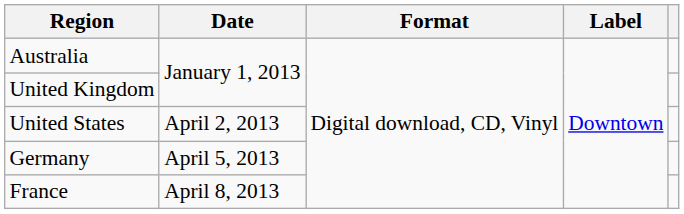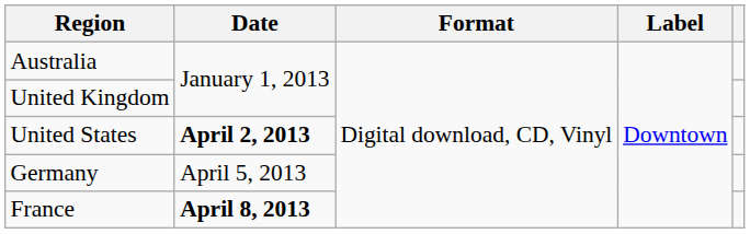 <table class="wikitable">
 <tr>
 <th scope="col">Region</th>
 <th scope="col">Date</th>
 <th scope="col">Format</th>
 <th scope="col">Label</th>
 <th scope="col"></th>
 </tr>
 <tr>
 <td>Australia</td>
 <td rowspan="2">January 1, 2013</td>
 <td rowspan="5">Digital download, CD, Vinyl</td>
 <td rowspan="5"><a href='#'>Downtown</a></td>
 <td></td>
 </tr>
 <tr>
 <td>United Kingdom</td>
 <td></td>
 </tr>
 <tr>
 <td>United States</td>
-<td>April 2, 2013</td>
+<td><strong>April 2, 2013</strong></td>
 <td></td>
 </tr>
 <tr>
 <td>Germany</td>
 <td>April 5, 2013</td>
 <td></td>
 </tr>
 <tr>
 <td>France</td>
-<td>April 8, 2013</td>
+<td><strong>April 8, 2013</strong></td>
 <td></td>
 </tr>
 </table>
